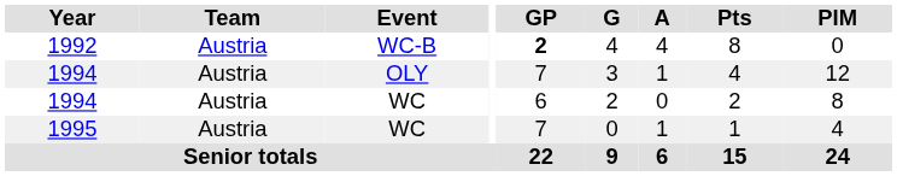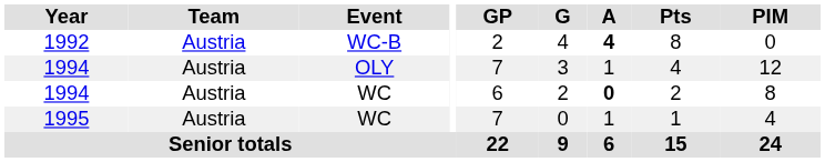 <table border="0" cellpadding="1" cellspacing="0" ID="Table3" style="text-align:center; width:40em">
 <tr bgcolor="#e0e0e0">
 <th>Year</th>
 <th>Team</th>
 <th>Event</th>
 <th rowspan="102" bgcolor="#ffffff"></th>
 <th>GP</th>
 <th>G</th>
 <th>A</th>
 <th>Pts</th>
 <th>PIM</th>
 </tr>
 <tr>
 <td><a href='#'>1992</a></td>
 <td><a href='#'>Austria</a></td>
 <td><a href='#'>WC-B</a></td>
-<td><strong>2</strong></td>
+<td>2</td>
 <td>4</td>
-<td>4</td>
+<td><strong>4</strong></td>
 <td>8</td>
 <td>0</td>
 </tr>
 <tr bgcolor="#f0f0f0">
 <td><a href='#'>1994</a></td>
 <td>Austria</td>
 <td><a href='#'>OLY</a></td>
 <td>7</td>
 <td>3</td>
 <td>1</td>
 <td>4</td>
 <td>12</td>
 </tr>
 <tr>
 <td><a href='#'>1994</a></td>
 <td>Austria</td>
 <td>WC</td>
 <td>6</td>
 <td>2</td>
-<td>0</td>
+<td><strong>0</strong></td>
 <td>2</td>
 <td>8</td>
 </tr>
 <tr bgcolor="#f0f0f0">
 <td><a href='#'>1995</a></td>
 <td>Austria</td>
 <td>WC</td>
 <td>7</td>
 <td>0</td>
 <td>1</td>
 <td>1</td>
 <td>4</td>
 </tr>
 <tr bgcolor="#e0e0e0">
 <th colspan="4">Senior totals</th>
 <th>22</th>
 <th>9</th>
 <th>6</th>
 <th>15</th>
 <th>24</th>
 </tr>
 </table>
